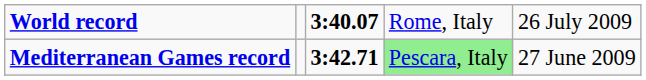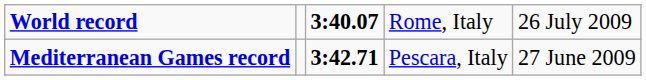 <table class="wikitable">
 <tr>
 <td><strong><a href='#'>World record</a></strong></td>
 <td></td>
 <td><strong>3:40.07</strong></td>
 <td><a href='#'>Rome</a>, Italy</td>
 <td>26 July 2009</td>
 </tr>
 <tr>
 <td><strong><a href='#'>Mediterranean Games record</a></strong></td>
 <td></td>
 <td><strong>3:42.71</strong></td>
-<td style="background: lightgreen;"><a href='#'>Pescara</a>, Italy</td>
+<td><a href='#'>Pescara</a>, Italy</td>
 <td>27 June 2009</td>
 </tr>
 </table>
